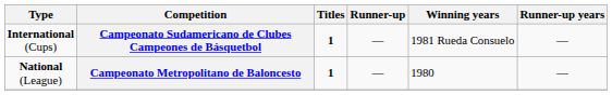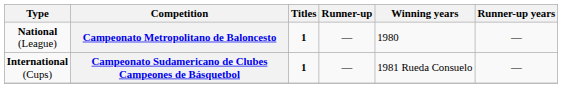 <table class="wikitable plainrowheaders" style="font-size:95%; text-align:center;">
 <tr>
 <th>Type</th>
 <th width="300px">Competition</th>
 <th>Titles</th>
 <th>Runner-up</th>
 <th>Winning years</th>
 <th>Runner-up years</th>
 </tr>
 <tr>
+<td rowspan="1"><strong>National</strong><br>(League)</td>
+<th scope="col"><a href='#'>Campeonato Metropolitano de Baloncesto</a></th>
+<td><strong>1</strong></td>
+<td style="text-align:center;">—</td>
+<td align="left">1980</td>
+<td style="text-align:center;">—</td>
+</tr>
+<tr>
 <td rowspan=1><strong>International</strong><br>(Cups)</td>
 <th scope=col><a href='#'>Campeonato Sudamericano de Clubes Campeones de Básquetbol</a></th>
 <td><strong>1</strong></td>
 <td style="text-align:center;">—</td>
 <td align="left">1981 Rueda Consuelo</td>
 <td style="text-align:center;">—</td>
 </tr>
 <tr>
-<td rowspan="1"><strong>National</strong><br>(League)</td>
-<th scope="col"><a href='#'>Campeonato Metropolitano de Baloncesto</a></th>
-<td><strong>1</strong></td>
-<td style="text-align:center;">—</td>
-<td align="left">1980</td>
-<td style="text-align:center;">—</td>
-</tr>
-<tr>
 </tr>
 </table>
